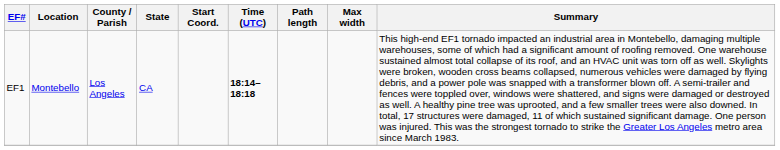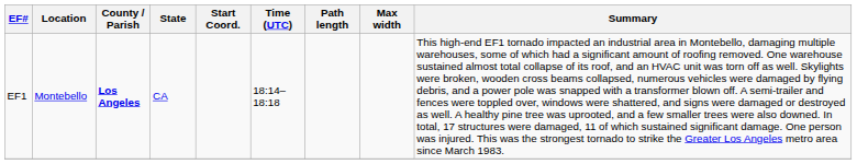 <table class="wikitable sortable" style="width:100%;">
 <tr>
 <th scope="col"  style="width:3%; text-align:center;"><a href='#'>EF#</a></th>
 <th scope="col"  style="width:7%; text-align:center;" class="unsortable">Location</th>
 <th scope="col"  style="width:6%; text-align:center;" class="unsortable">County / Parish</th>
 <th scope="col"  style="width:5%; text-align:center;">State</th>
 <th scope="col"  style="width:6%; text-align:center;">Start Coord.</th>
 <th scope="col"  style="width:6%; text-align:center;">Time (<a href='#'>UTC</a>)</th>
 <th scope="col"  style="width:6%; text-align:center;">Path length</th>
 <th scope="col"  style="width:6%; text-align:center;">Max width</th>
 <th scope="col" class="unsortable" style="width:48%; text-align:center;">Summary</th>
 </tr>
 <tr>
 <td>EF1</td>
 <td><a href='#'>Montebello</a></td>
-<td><a href='#'>Los Angeles</a></td>
+<td><strong><a href='#'>Los Angeles</a></strong></td>
 <td><a href='#'>CA</a></td>
 <td></td>
-<td><strong>18:14–18:18</strong></td>
+<td>18:14–18:18</td>
 <td></td>
 <td></td>
 <td>This high-end EF1 tornado impacted an industrial area in Montebello, damaging multiple warehouses, some of which had a significant amount of roofing removed. One warehouse sustained almost total collapse of its roof, and an HVAC unit was torn off as well. Skylights were broken, wooden cross beams collapsed, numerous vehicles were damaged by flying debris, and a power pole was snapped with a transformer blown off. A semi-trailer and fences were toppled over, windows were shattered, and signs were damaged or destroyed as well. A healthy pine tree was uprooted, and a few smaller trees were also downed. In total, 17 structures were damaged, 11 of which sustained significant damage. One person was injured. This was the strongest tornado to strike the <a href='#'>Greater Los Angeles</a> metro area since March 1983.</td>
 </tr>
 <tr>
 </tr>
 </table>
